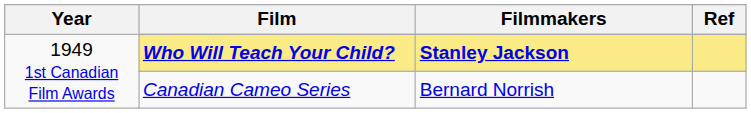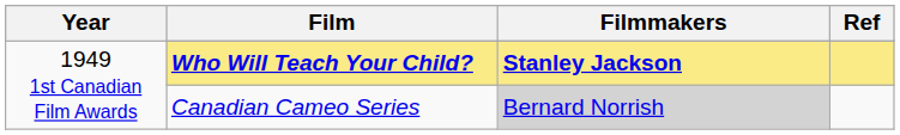 <table class="wikitable" style="width:100%;">
 <tr style="background:#bebebe;">
 <th style="width:8%;">Year</th>
 <th style="width:19%;">Film</th>
 <th style="width:19%;">Filmmakers</th>
 <th style="width:2%;">Ref</th>
 </tr>
 <tr>
 <td rowspan=3 align="center">1949 <br> <small><a href='#'>1st Canadian Film Awards</a></small></td>
 </tr>
 <tr style="background:#FAEB86;">
 <td><strong><em><a href='#'>Who Will Teach Your Child?</a></em></strong></td>
 <td><strong><a href='#'>Stanley Jackson</a></strong></td>
 <td></td>
 </tr>
 <tr>
 <td><em><a href='#'>Canadian Cameo Series</a></em></td>
-<td><a href='#'>Bernard Norrish</a></td>
+<td style="background: lightgrey;"><a href='#'>Bernard Norrish</a></td>
 <td></td>
 </tr>
 </table>
